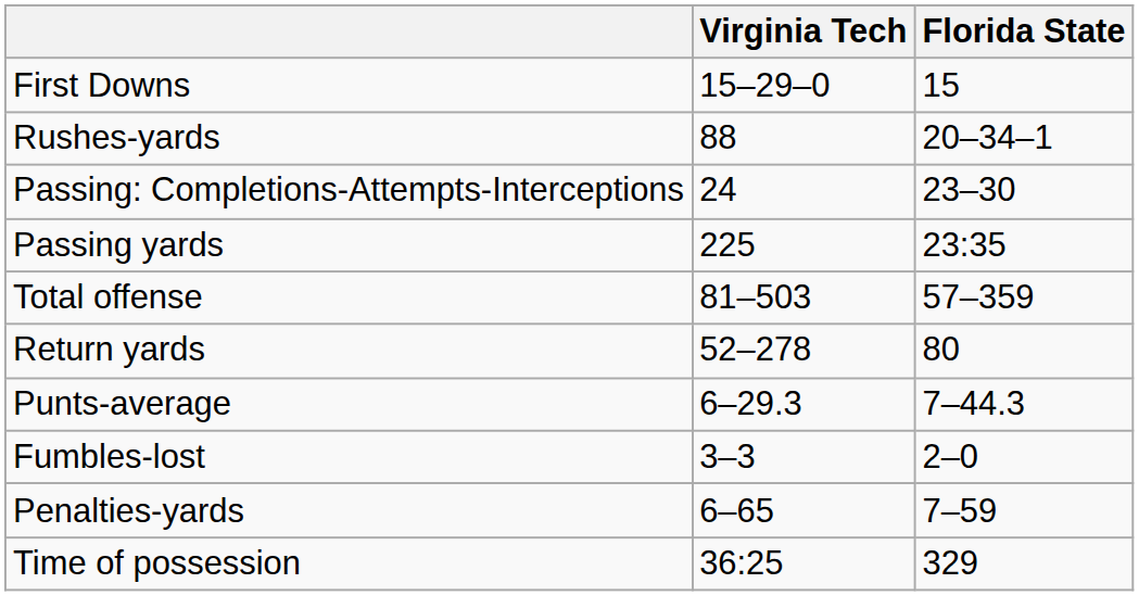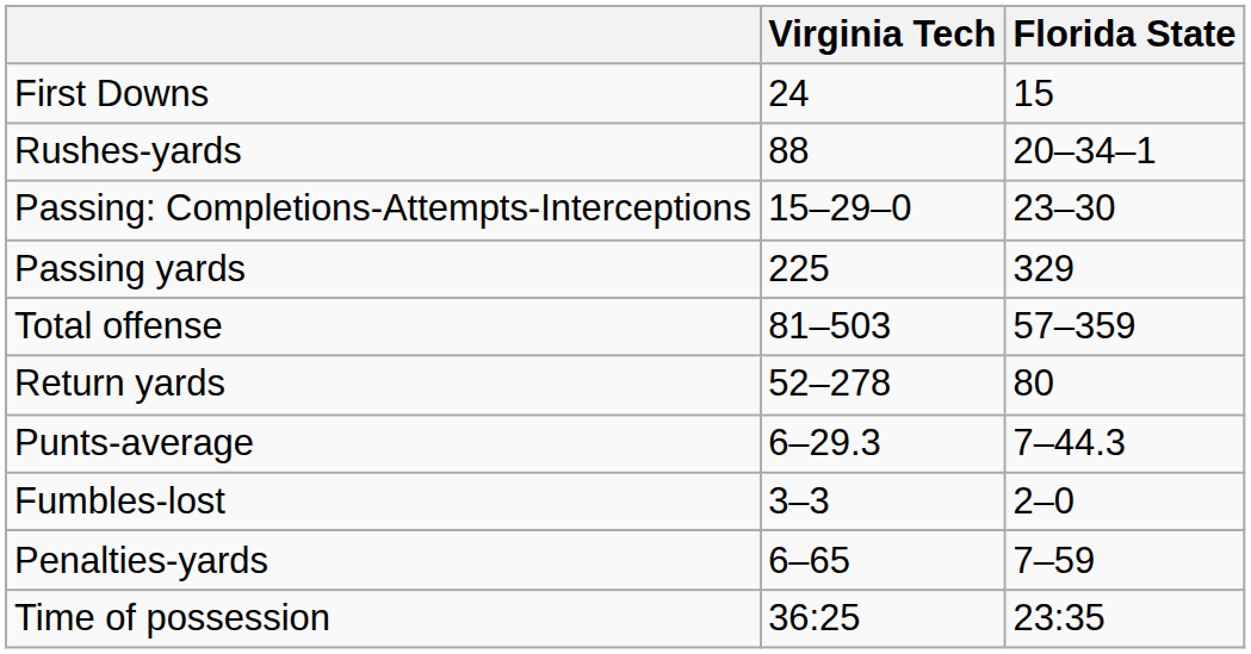 <table class="wikitable">
 <tr>
 <th></th>
 <th>Virginia Tech</th>
 <th>Florida State</th>
 </tr>
 <tr>
 <td>First Downs</td>
-<td>15–29–0</td>
+<td>24</td>
 <td>15</td>
 </tr>
 <tr>
 <td>Rushes-yards</td>
 <td>88</td>
 <td>20–34–1</td>
 </tr>
 <tr>
 <td>Passing: Completions-Attempts-Interceptions</td>
-<td>24</td>
+<td>15–29–0</td>
 <td>23–30</td>
 </tr>
 <tr>
 <td>Passing yards</td>
 <td>225</td>
-<td>23:35</td>
+<td>329</td>
 </tr>
 <tr>
 <td>Total offense</td>
 <td>81–503</td>
 <td>57–359</td>
 </tr>
 <tr>
 <td>Return yards</td>
 <td>52–278</td>
 <td>80</td>
 </tr>
 <tr>
 <td>Punts-average</td>
 <td>6–29.3</td>
 <td>7–44.3</td>
 </tr>
 <tr>
 <td>Fumbles-lost</td>
 <td>3–3</td>
 <td>2–0</td>
 </tr>
 <tr>
 <td>Penalties-yards</td>
 <td>6–65</td>
 <td>7–59</td>
 </tr>
 <tr>
 <td>Time of possession</td>
 <td>36:25</td>
-<td>329</td>
+<td>23:35</td>
 </tr>
 </table>
